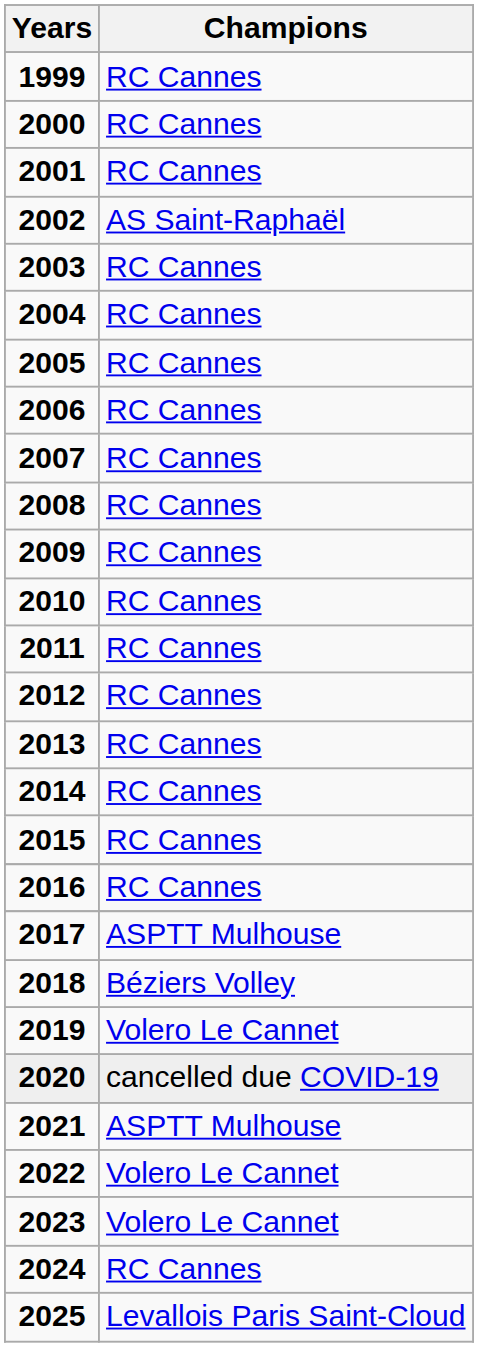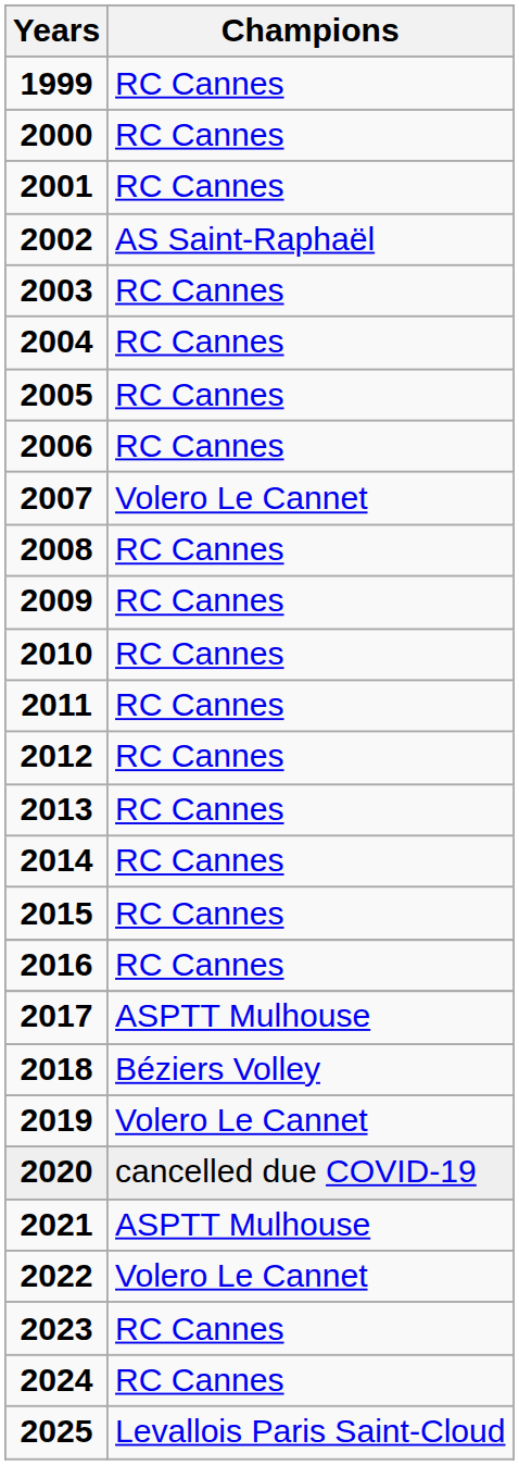 <table class="wikitable" style="display:inline-table;">
 <tr>
 <th>Years</th>
 <th>Champions</th>
 </tr>
 <tr>
 <td align="center"><strong>1999</strong></td>
 <td><a href='#'>RC Cannes</a></td>
 </tr>
 <tr>
 <td align="center"><strong>2000</strong></td>
 <td><a href='#'>RC Cannes</a></td>
 </tr>
 <tr>
 <td align="center"><strong>2001</strong></td>
 <td><a href='#'>RC Cannes</a></td>
 </tr>
 <tr>
 <td align="center"><strong>2002</strong></td>
 <td><a href='#'>AS Saint-Raphaël</a></td>
 </tr>
 <tr>
 <td align="center"><strong>2003</strong></td>
 <td><a href='#'>RC Cannes</a></td>
 </tr>
 <tr>
 <td align="center"><strong>2004</strong></td>
 <td><a href='#'>RC Cannes</a></td>
 </tr>
 <tr>
 <td align="center"><strong>2005</strong></td>
 <td><a href='#'>RC Cannes</a></td>
 </tr>
 <tr>
 <td align="center"><strong>2006</strong></td>
 <td><a href='#'>RC Cannes</a></td>
 </tr>
 <tr>
 <td align="center"><strong>2007</strong></td>
-<td><a href='#'>RC Cannes</a></td>
+<td><a href='#'>Volero Le Cannet</a></td>
 </tr>
 <tr>
 <td align="center"><strong>2008</strong></td>
 <td><a href='#'>RC Cannes</a></td>
 </tr>
 <tr>
 <td align="center"><strong>2009</strong></td>
 <td><a href='#'>RC Cannes</a></td>
 </tr>
 <tr>
 <td align="center"><strong>2010</strong></td>
 <td><a href='#'>RC Cannes</a></td>
 </tr>
 <tr>
 <td align="center"><strong>2011</strong></td>
 <td><a href='#'>RC Cannes</a></td>
 </tr>
 <tr>
 <td align="center"><strong>2012</strong></td>
 <td><a href='#'>RC Cannes</a></td>
 </tr>
 <tr>
 <td align="center"><strong>2013</strong></td>
 <td><a href='#'>RC Cannes</a></td>
 </tr>
 <tr>
 <td align="center"><strong>2014</strong></td>
 <td><a href='#'>RC Cannes</a></td>
 </tr>
 <tr>
 <td align="center"><strong>2015</strong></td>
 <td><a href='#'>RC Cannes</a></td>
 </tr>
 <tr>
 </tr>
 <tr>
 <td align="center"><strong>2016</strong></td>
 <td><a href='#'>RC Cannes</a></td>
 </tr>
 <tr>
 </tr>
 <tr>
 <td align="center"><strong>2017</strong></td>
 <td><a href='#'>ASPTT Mulhouse</a></td>
 </tr>
 <tr>
 <td align="center"><strong>2018</strong></td>
 <td><a href='#'>Béziers Volley</a></td>
 </tr>
 <tr>
 <td align="center"><strong>2019</strong></td>
 <td><a href='#'>Volero Le Cannet</a></td>
 </tr>
 <tr bgcolor="efefef">
 <td align="center"><strong>2020</strong></td>
 <td colspan=3>cancelled due <a href='#'>COVID-19</a></td>
 </tr>
 <tr>
 <td align="center"><strong>2021</strong></td>
 <td><a href='#'>ASPTT Mulhouse</a></td>
 </tr>
 <tr>
 <td align="center"><strong>2022</strong></td>
 <td><a href='#'>Volero Le Cannet</a></td>
 </tr>
 <tr>
 <td align="center"><strong>2023</strong></td>
-<td><a href='#'>Volero Le Cannet</a></td>
+<td><a href='#'>RC Cannes</a></td>
 </tr>
 <tr>
 <td align="center"><strong>2024</strong></td>
 <td><a href='#'>RC Cannes</a></td>
 </tr>
 <tr>
 <td align="center"><strong>2025</strong></td>
 <td><a href='#'>Levallois Paris Saint-Cloud</a></td>
 </tr>
 </table>
